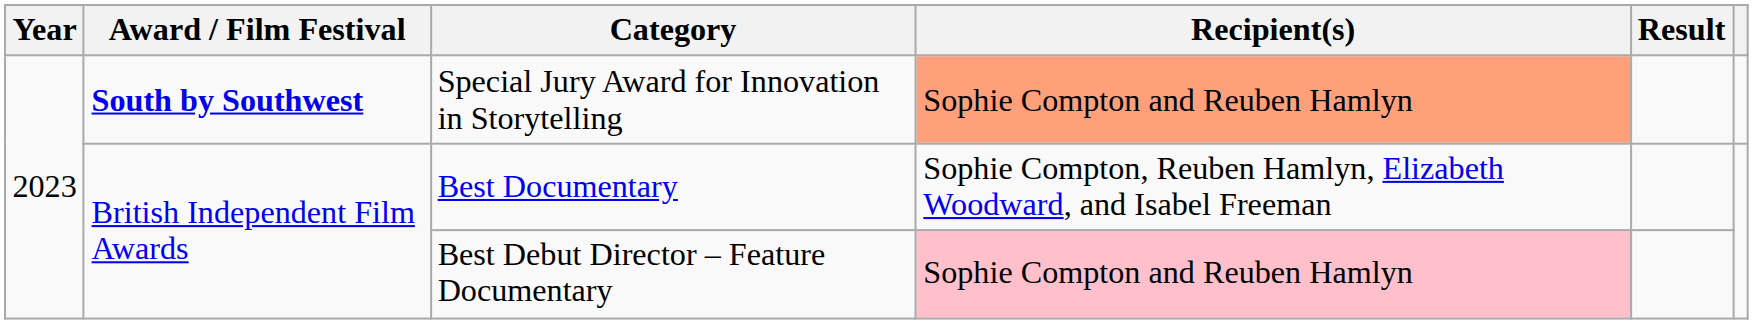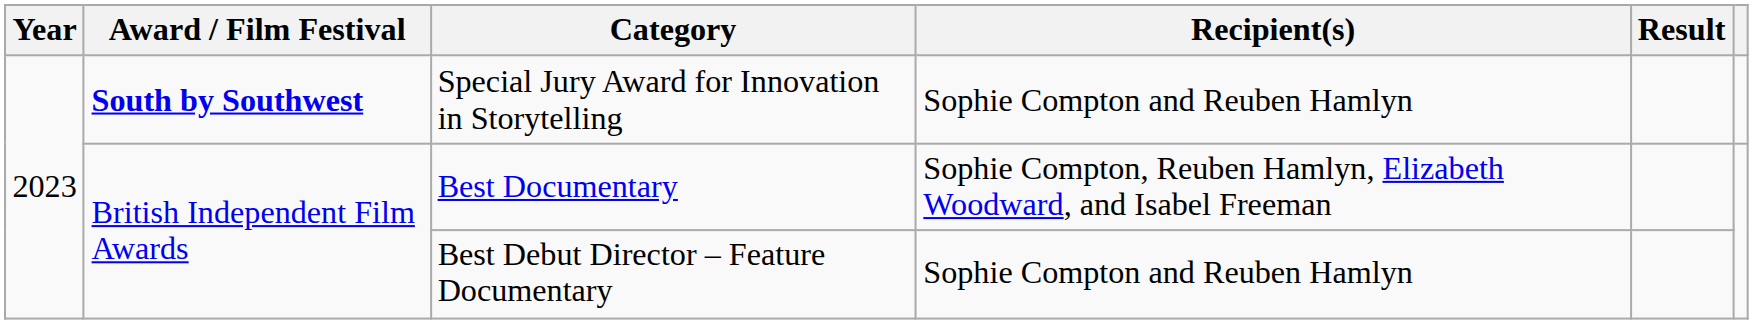 <table class="wikitable sortable plainrowheaders">
 <tr>
 <th>Year</th>
 <th>Award / Film Festival</th>
 <th>Category</th>
 <th>Recipient(s)</th>
 <th>Result</th>
 <th class="unsortable"></th>
 </tr>
 <tr>
 <td rowspan="3">2023</td>
 <td><strong><a href='#'>South by Southwest</a></strong></td>
 <td>Special Jury Award for Innovation in Storytelling</td>
-<td style="background: lightsalmon;">Sophie Compton and Reuben Hamlyn</td>
+<td>Sophie Compton and Reuben Hamlyn</td>
 <td></td>
 <td></td>
 </tr>
 <tr>
 <td rowspan="2"><a href='#'>British Independent Film Awards</a></td>
 <td><a href='#'>Best Documentary</a></td>
 <td>Sophie Compton, Reuben Hamlyn, <a href='#'>Elizabeth Woodward</a>, and Isabel Freeman</td>
 <td></td>
 <td rowspan="2"></td>
 </tr>
 <tr>
 <td>Best Debut Director – Feature Documentary</td>
-<td style="background: pink;">Sophie Compton and Reuben Hamlyn</td>
+<td>Sophie Compton and Reuben Hamlyn</td>
 <td></td>
 </tr>
 </table>
